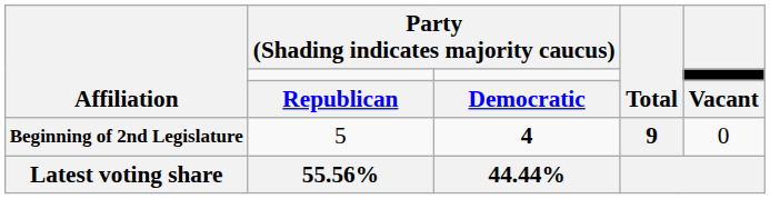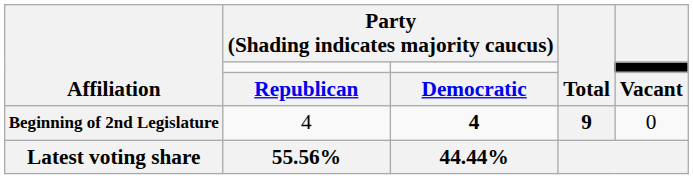 <table class=wikitable style="text-align:center">
 <tr style="vertical-align:bottom;">
 <th rowspan=3>Affiliation</th>
 <th colspan=2>Party <div>(Shading indicates majority caucus)</div></th>
 <th rowspan=3>Total</th>
 <th></th>
 </tr>
 <tr -style="height:5px">
 <td style="background-color:"></td>
 <td style="background-color:"></td>
 <td style="background-color:black"></td>
 </tr>
 <tr>
 <th><a href='#'>Republican</a></th>
 <th><a href='#'>Democratic</a></th>
 <th>Vacant</th>
 </tr>
 <tr>
 <th nowrap style="font-size:80%">Beginning of 2nd Legislature</th>
-<td>5</td>
+<td>4</td>
 <td><strong>4</strong></td>
 <th>9</th>
 <td>0</td>
 </tr>
 <tr>
 <th>Latest voting share</th>
 <th>55.56%</th>
 <th>44.44%</th>
 <th colspan=2></th>
 </tr>
 </table>
